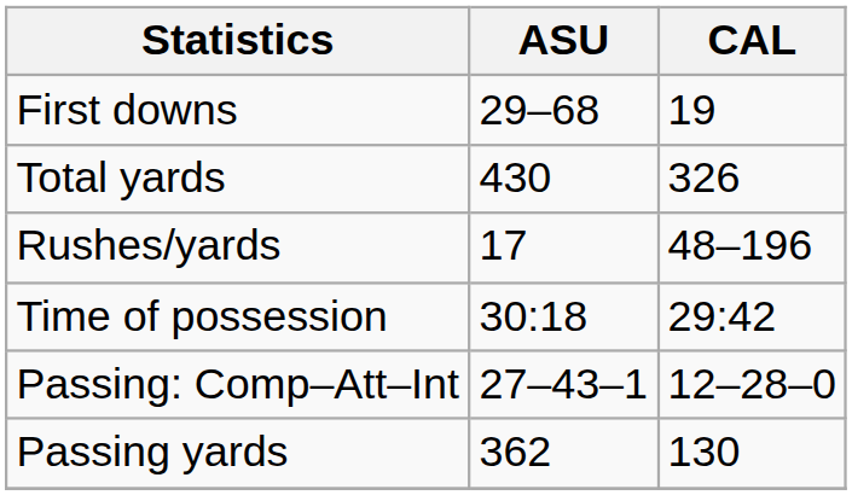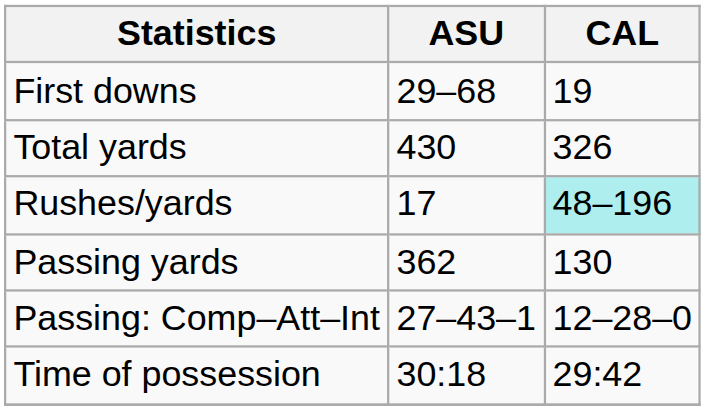 <table class="wikitable" style="float: left;">
 <tr>
 <th>Statistics</th>
 <th>ASU</th>
 <th>CAL</th>
 </tr>
 <tr>
 <td>First downs</td>
 <td>29–68</td>
 <td>19</td>
 </tr>
 <tr>
 <td>Total yards</td>
 <td>430</td>
 <td>326</td>
 </tr>
 <tr>
 <td>Rushes/yards</td>
 <td>17</td>
-<td>48–196</td>
+<td style="background: paleturquoise;">48–196</td>
+</tr>
+<tr>
+<td>Passing yards</td>
+<td>362</td>
+<td>130</td>
+</tr>
+<tr>
+<td>Passing: Comp–Att–Int</td>
+<td>27–43–1</td>
+<td>12–28–0</td>
 </tr>
 <tr>
 <td>Time of possession</td>
 <td>30:18</td>
 <td>29:42</td>
 </tr>
 <tr>
-<td>Passing: Comp–Att–Int</td>
-<td>27–43–1</td>
-<td>12–28–0</td>
-</tr>
-<tr>
-<td>Passing yards</td>
-<td>362</td>
-<td>130</td>
-</tr>
-<tr>
 </tr>
 </table>
